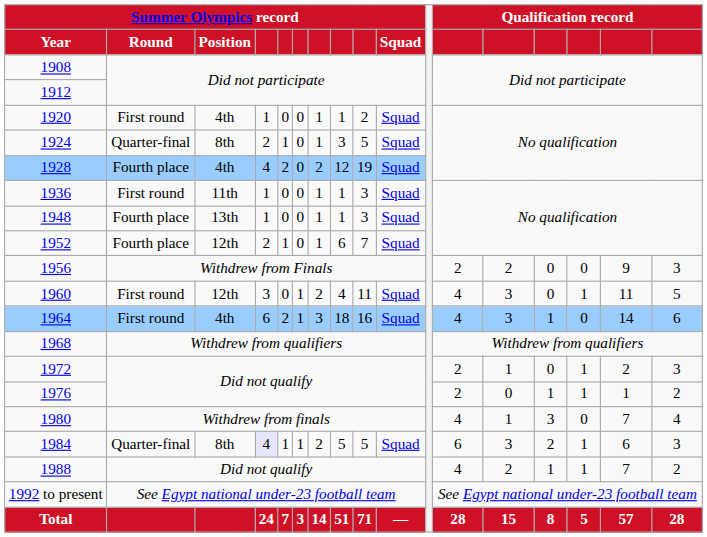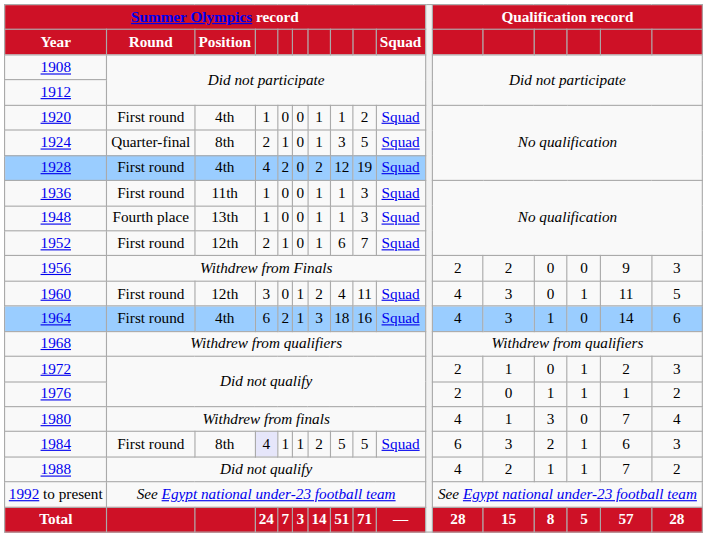 <table class="wikitable" style="text-align:center; font-size:85%; width:100%">
 <tr>
 <th colspan="10" style="text-align:center; background:#CE1126; color:#FFFFFF; "><a href='#'><span>Summer Olympics</span></a> record</th>
 <th rowspan="21"></th>
 <th colspan="6" style="text-align:center; background:#CE1126; color:#FFFFFF; ">Qualification record</th>
 </tr>
 <tr>
 <th style="background:#CE1126; color:#FFFFFF; ">Year</th>
 <th style="background:#CE1126; color:#FFFFFF; ">Round</th>
 <th style="background:#CE1126; color:#FFFFFF; ">Position</th>
 <th style="background:#CE1126; color:#FFFFFF; "></th>
 <th style="background:#CE1126; color:#FFFFFF; "></th>
 <th style="background:#CE1126; color:#FFFFFF; "></th>
 <th style="background:#CE1126; color:#FFFFFF; "></th>
 <th style="background:#CE1126; color:#FFFFFF; "></th>
 <th style="background:#CE1126; color:#FFFFFF; "></th>
 <th style="background:#CE1126; color:#FFFFFF; ">Squad</th>
 <th style="background:#CE1126; color:#FFFFFF; "></th>
 <th style="background:#CE1126; color:#FFFFFF; "></th>
 <th style="background:#CE1126; color:#FFFFFF; "></th>
 <th style="background:#CE1126; color:#FFFFFF; "></th>
 <th style="background:#CE1126; color:#FFFFFF; "></th>
 <th style="background:#CE1126; color:#FFFFFF; "></th>
 </tr>
 <tr>
 <td> <a href='#'>1908</a></td>
 <td rowspan="2" colspan="9"><em>Did not participate</em></td>
 <td rowspan="2" colspan="6"><em>Did not participate</em></td>
 </tr>
 <tr>
 <td> <a href='#'>1912</a></td>
 </tr>
 <tr>
 <td> <a href='#'>1920</a></td>
 <td>First round</td>
 <td>4th</td>
 <td>1</td>
 <td>0</td>
 <td>0</td>
 <td>1</td>
 <td>1</td>
 <td>2</td>
 <td><a href='#'>Squad</a></td>
 <td rowspan="3" colspan="6"><em>No qualification</em></td>
 </tr>
 <tr>
 <td> <a href='#'>1924</a></td>
 <td>Quarter-final</td>
 <td>8th</td>
 <td>2</td>
 <td>1</td>
 <td>0</td>
 <td>1</td>
 <td>3</td>
 <td>5</td>
 <td><a href='#'>Squad</a></td>
 </tr>
 <tr style="background:#9ACDFF">
 <td> <a href='#'>1928</a></td>
-<td>Fourth place</td>
+<td>First round</td>
 <td>4th</td>
 <td>4</td>
 <td>2</td>
 <td>0</td>
 <td>2</td>
 <td>12</td>
 <td>19</td>
 <td><a href='#'>Squad</a></td>
 </tr>
 <tr>
 <td> <a href='#'>1936</a></td>
 <td>First round</td>
 <td>11th</td>
 <td>1</td>
 <td>0</td>
 <td>0</td>
 <td>1</td>
 <td>1</td>
 <td>3</td>
 <td><a href='#'>Squad</a></td>
 <td rowspan="3" colspan="6"><em>No qualification</em></td>
 </tr>
 <tr>
 <td> <a href='#'>1948</a></td>
 <td>Fourth place</td>
 <td>13th</td>
 <td>1</td>
 <td>0</td>
 <td>0</td>
 <td>1</td>
 <td>1</td>
 <td>3</td>
 <td><a href='#'>Squad</a></td>
 </tr>
 <tr>
 <td> <a href='#'>1952</a></td>
-<td>Fourth place</td>
+<td>First round</td>
 <td>12th</td>
 <td>2</td>
 <td>1</td>
 <td>0</td>
 <td>1</td>
 <td>6</td>
 <td>7</td>
 <td><a href='#'>Squad</a></td>
 </tr>
 <tr>
 <td> <a href='#'>1956</a></td>
 <td rowspan="1" colspan="9"><em>Withdrew from Finals</em></td>
 <td>2</td>
 <td>2</td>
 <td>0</td>
 <td>0</td>
 <td>9</td>
 <td>3</td>
 </tr>
 <tr>
 <td> <a href='#'>1960</a></td>
 <td>First round</td>
 <td>12th</td>
 <td>3</td>
 <td>0</td>
 <td>1</td>
 <td>2</td>
 <td>4</td>
 <td>11</td>
 <td><a href='#'>Squad</a></td>
 <td>4</td>
 <td>3</td>
 <td>0</td>
 <td>1</td>
 <td>11</td>
 <td>5</td>
 </tr>
 <tr style="background:#9ACDFF">
 <td> <a href='#'>1964</a></td>
 <td>First round</td>
 <td>4th</td>
 <td>6</td>
 <td>2</td>
 <td>1</td>
 <td>3</td>
 <td>18</td>
 <td>16</td>
 <td><a href='#'>Squad</a></td>
 <td>4</td>
 <td>3</td>
 <td>1</td>
 <td>0</td>
 <td>14</td>
 <td>6</td>
 </tr>
 <tr>
 <td> <a href='#'>1968</a></td>
 <td colspan="9"><em>Withdrew from qualifiers</em></td>
 <td colspan="6"><em>Withdrew from qualifiers</em></td>
 </tr>
 <tr>
 <td> <a href='#'>1972</a></td>
 <td rowspan="2" colspan="9"><em>Did not qualify</em></td>
 <td>2</td>
 <td>1</td>
 <td>0</td>
 <td>1</td>
 <td>2</td>
 <td>3</td>
 </tr>
 <tr>
 <td> <a href='#'>1976</a></td>
 <td>2</td>
 <td>0</td>
 <td>1</td>
 <td>1</td>
 <td>1</td>
 <td>2</td>
 </tr>
 <tr>
 <td> <a href='#'>1980</a></td>
 <td rowspan="1" colspan="9"><em>Withdrew from finals</em></td>
 <td>4</td>
 <td>1</td>
 <td>3</td>
 <td>0</td>
 <td>7</td>
 <td>4</td>
 </tr>
 <tr>
 <td> <a href='#'>1984</a></td>
-<td>Quarter-final</td>
+<td>First round</td>
 <td>8th</td>
 <td style="background: lavender;">4</td>
 <td>1</td>
 <td>1</td>
 <td>2</td>
 <td>5</td>
 <td>5</td>
 <td><a href='#'>Squad</a></td>
 <td>6</td>
 <td>3</td>
 <td>2</td>
 <td>1</td>
 <td>6</td>
 <td>3</td>
 </tr>
 <tr>
 <td> <a href='#'>1988</a></td>
 <td rowspan="1" colspan="9"><em>Did not qualify</em></td>
 <td>4</td>
 <td>2</td>
 <td>1</td>
 <td>1</td>
 <td>7</td>
 <td>2</td>
 </tr>
 <tr>
 <td> <a href='#'>1992</a> to present</td>
 <td colspan="9"><em>See <a href='#'>Egypt national under-23 football team</a></em></td>
 <td colspan="6"><em>See <a href='#'>Egypt national under-23 football team</a></em></td>
 </tr>
 <tr>
 <th style="background:#CE1126; color:#FFFFFF; ">Total</th>
 <th style="background:#CE1126; color:#FFFFFF; "></th>
 <th style="background:#CE1126; color:#FFFFFF; "></th>
 <th style="background:#CE1126; color:#FFFFFF; ">24</th>
 <th style="background:#CE1126; color:#FFFFFF; ">7</th>
 <th style="background:#CE1126; color:#FFFFFF; ">3</th>
 <th style="background:#CE1126; color:#FFFFFF; ">14</th>
 <th style="background:#CE1126; color:#FFFFFF; ">51</th>
 <th style="background:#CE1126; color:#FFFFFF; ">71</th>
 <th style="background:#CE1126; color:#FFFFFF; ">—</th>
 <th style="background:#CE1126; color:#FFFFFF; ">28</th>
 <th style="background:#CE1126; color:#FFFFFF; ">15</th>
 <th style="background:#CE1126; color:#FFFFFF; ">8</th>
 <th style="background:#CE1126; color:#FFFFFF; ">5</th>
 <th style="background:#CE1126; color:#FFFFFF; ">57</th>
 <th style="background:#CE1126; color:#FFFFFF; ">28</th>
 </tr>
 </table>
